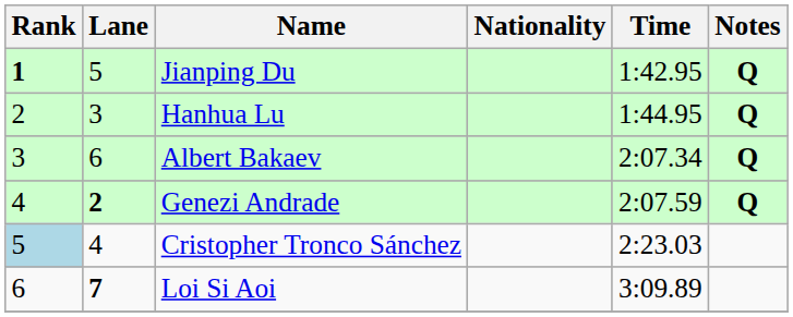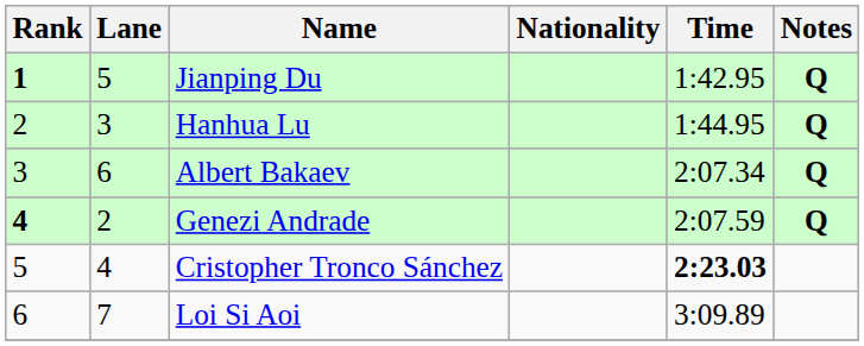 <table class="wikitable">
 <tr>
 <th>Rank</th>
 <th>Lane</th>
 <th>Name</th>
 <th>Nationality</th>
 <th>Time</th>
 <th>Notes</th>
 </tr>
 <tr style="background:#ccffcc;">
 <td><strong>1</strong></td>
 <td>5</td>
 <td><a href='#'>Jianping Du</a></td>
 <td></td>
 <td>1:42.95</td>
 <td style="text-align:center;"><strong>Q</strong></td>
 </tr>
 <tr style="background:#ccffcc;">
 <td>2</td>
 <td>3</td>
 <td><a href='#'>Hanhua Lu</a></td>
 <td></td>
 <td>1:44.95</td>
 <td style="text-align:center;"><strong>Q</strong></td>
 </tr>
 <tr style="background:#ccffcc;">
 <td>3</td>
 <td>6</td>
 <td><a href='#'>Albert Bakaev</a></td>
 <td></td>
 <td>2:07.34</td>
 <td style="text-align:center;"><strong>Q</strong></td>
 </tr>
 <tr style="background:#ccffcc;">
-<td>4</td>
-<td><strong>2</strong></td>
+<td><strong>4</strong></td>
+<td>2</td>
 <td><a href='#'>Genezi Andrade</a></td>
 <td></td>
 <td>2:07.59</td>
 <td style="text-align:center;"><strong>Q</strong></td>
 </tr>
 <tr>
-<td style="background: lightblue;">5</td>
+<td>5</td>
 <td>4</td>
 <td><a href='#'>Cristopher Tronco Sánchez</a></td>
 <td></td>
-<td>2:23.03</td>
+<td><strong>2:23.03</strong></td>
 <td></td>
 </tr>
 <tr>
 <td>6</td>
-<td><strong>7</strong></td>
+<td>7</td>
 <td><a href='#'>Loi Si Aoi</a></td>
 <td></td>
 <td>3:09.89</td>
 <td></td>
 </tr>
 <tr>
 </tr>
 </table>
